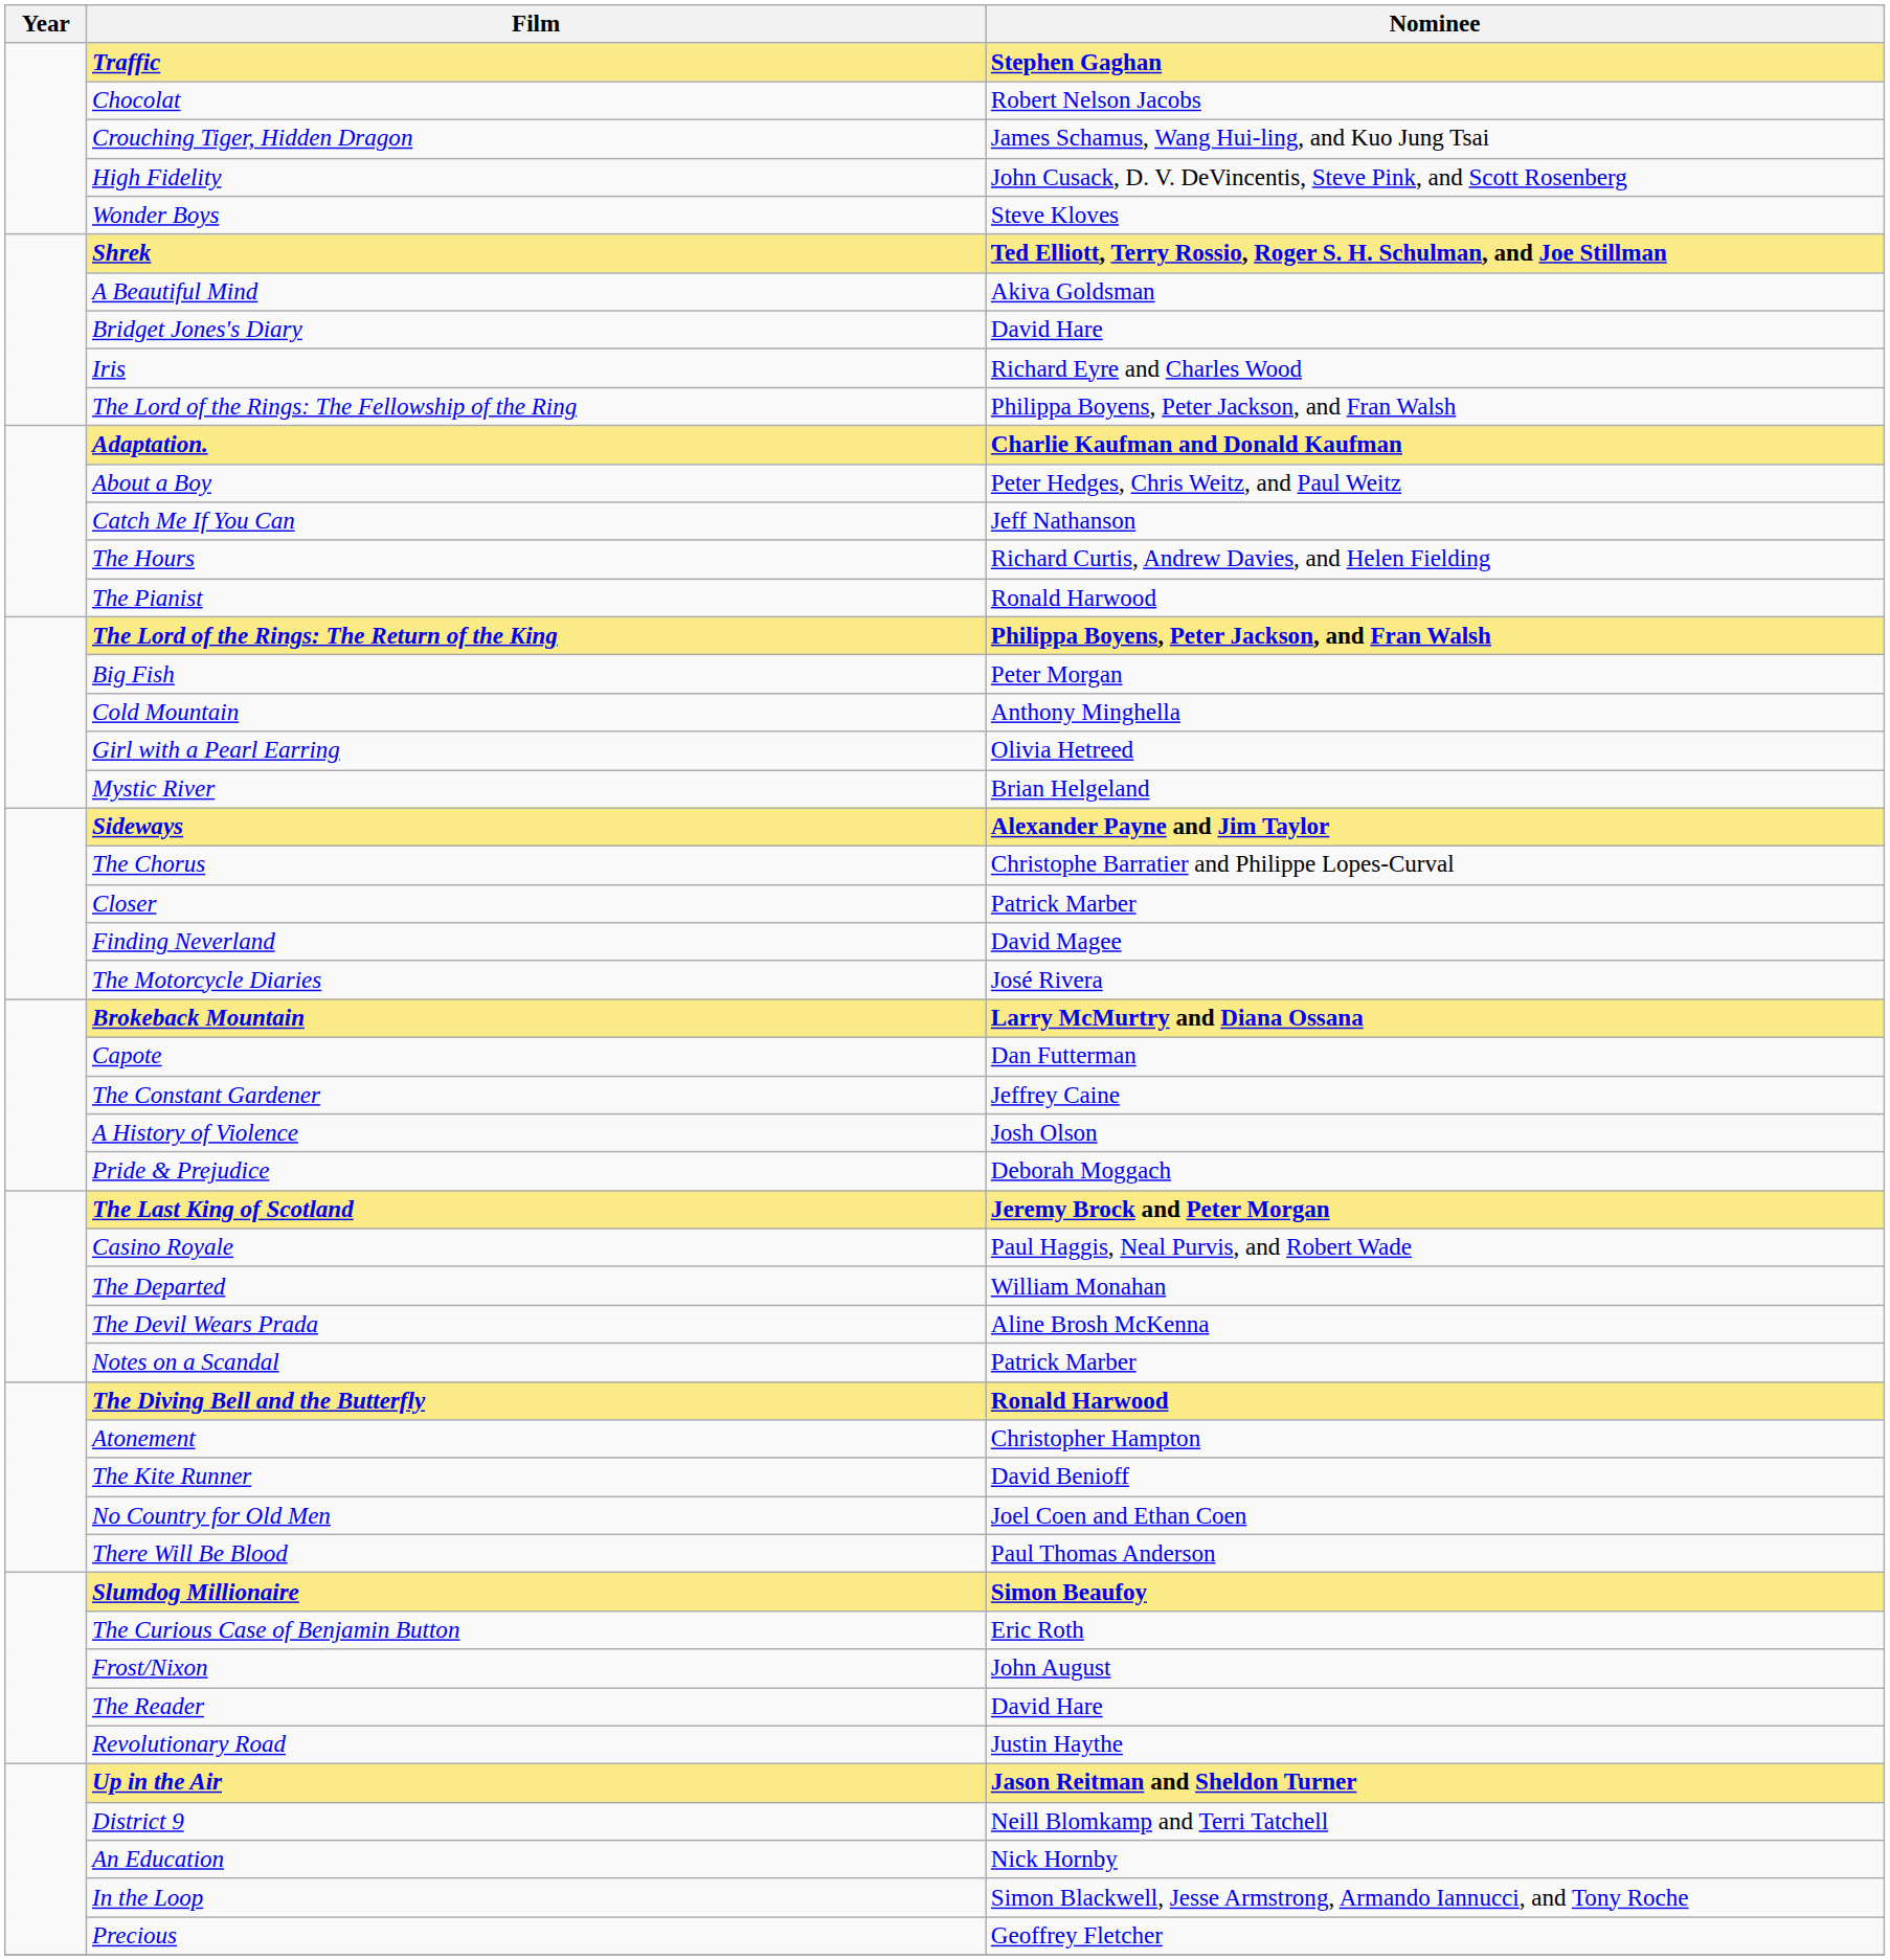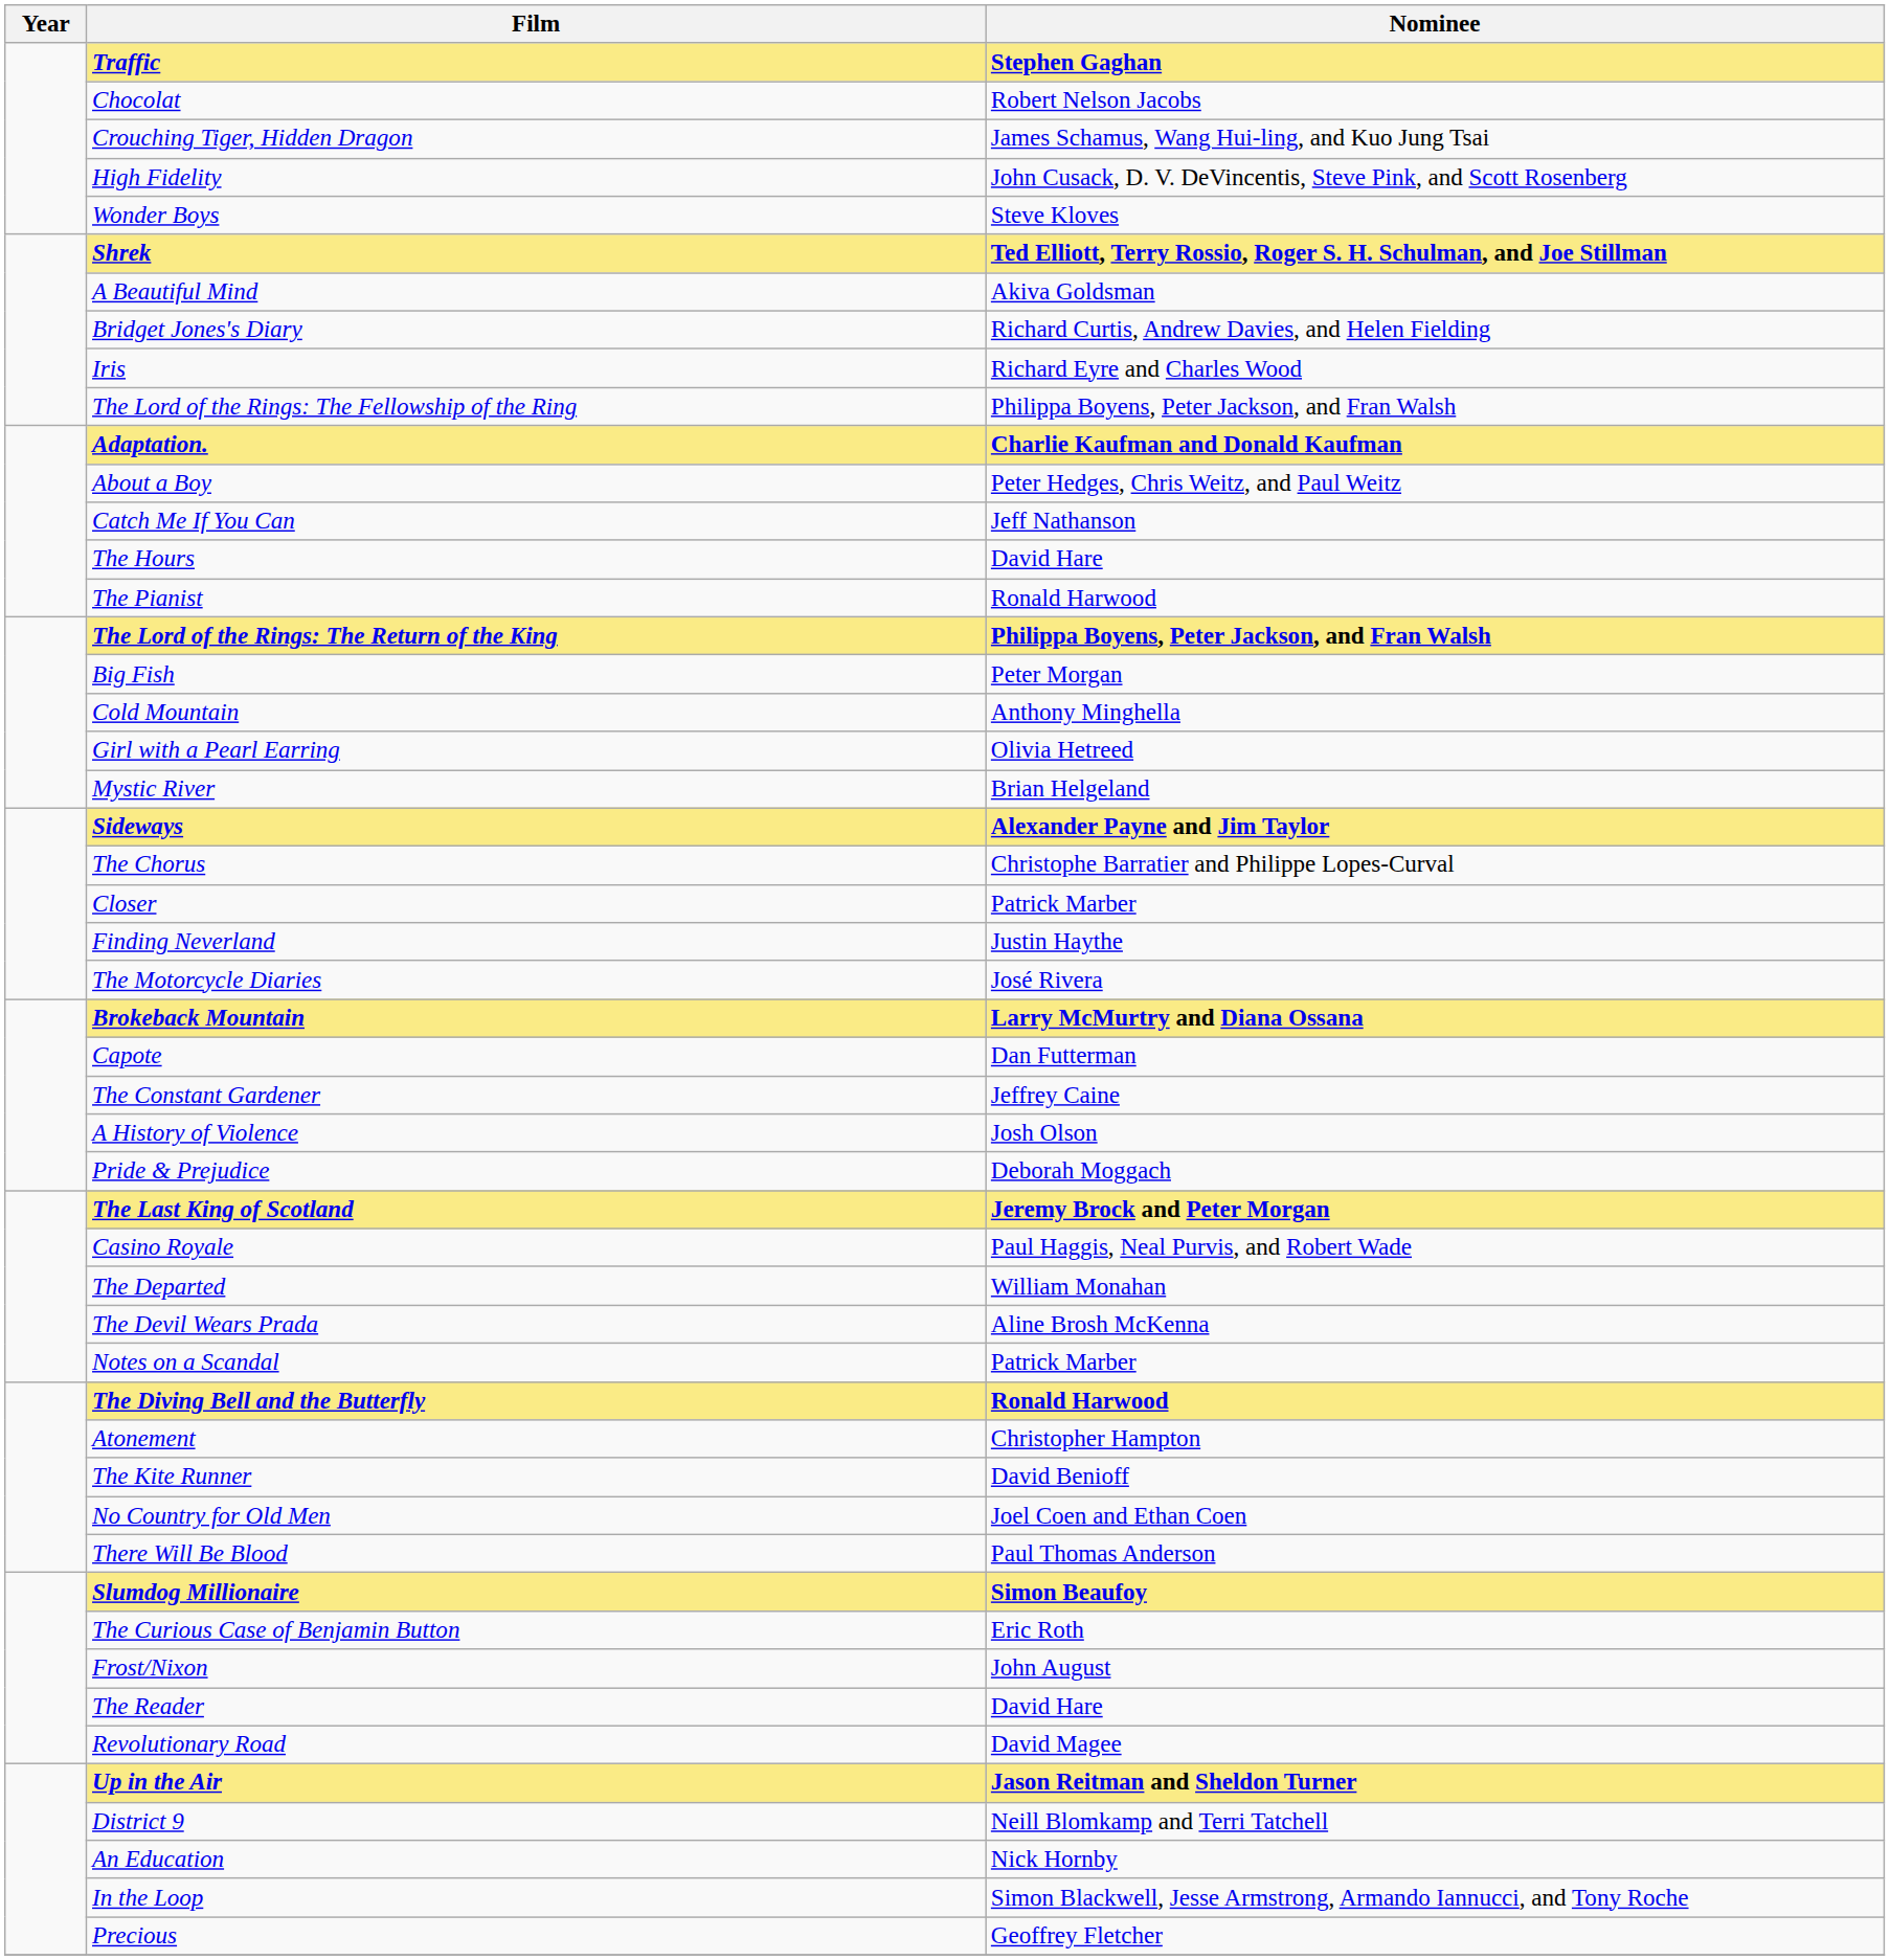 <table class="wikitable">
 <tr>
 <th scope="col" style="width:2%;">Year</th>
 <th scope="col" style="width:30%;">Film</th>
 <th scope="col" style="width:30%;">Nominee</th>
 </tr>
 <tr>
 <td rowspan="5"></td>
 <td style="background:#FAEB86"><strong><em><a href='#'>Traffic</a></em></strong></td>
 <td style="background:#FAEB86"><strong><a href='#'>Stephen Gaghan</a></strong></td>
 </tr>
 <tr>
 <td><em><a href='#'>Chocolat</a></em></td>
 <td><a href='#'>Robert Nelson Jacobs</a></td>
 </tr>
 <tr>
 <td><em><a href='#'>Crouching Tiger, Hidden Dragon</a></em></td>
 <td><a href='#'>James Schamus</a>, <a href='#'>Wang Hui-ling</a>, and Kuo Jung Tsai</td>
 </tr>
 <tr>
 <td><em><a href='#'>High Fidelity</a></em></td>
 <td><a href='#'>John Cusack</a>, D. V. DeVincentis, <a href='#'>Steve Pink</a>, and <a href='#'>Scott Rosenberg</a></td>
 </tr>
 <tr>
 <td><em><a href='#'>Wonder Boys</a></em></td>
 <td><a href='#'>Steve Kloves</a></td>
 </tr>
 <tr>
 <td rowspan="5"></td>
 <td style="background:#FAEB86"><strong><em><a href='#'>Shrek</a></em></strong></td>
 <td style="background:#FAEB86"><strong><a href='#'>Ted Elliott</a>, <a href='#'>Terry Rossio</a>, <a href='#'>Roger S. H. Schulman</a>, and <a href='#'>Joe Stillman</a></strong></td>
 </tr>
 <tr>
 <td><em><a href='#'>A Beautiful Mind</a></em></td>
 <td><a href='#'>Akiva Goldsman</a></td>
 </tr>
 <tr>
 <td><em><a href='#'>Bridget Jones's Diary</a></em></td>
-<td><a href='#'>David Hare</a></td>
+<td><a href='#'>Richard Curtis</a>, <a href='#'>Andrew Davies</a>, and <a href='#'>Helen Fielding</a></td>
 </tr>
 <tr>
 <td><em><a href='#'>Iris</a></em></td>
 <td><a href='#'>Richard Eyre</a> and <a href='#'>Charles Wood</a></td>
 </tr>
 <tr>
 <td><em><a href='#'>The Lord of the Rings: The Fellowship of the Ring</a></em></td>
 <td><a href='#'>Philippa Boyens</a>, <a href='#'>Peter Jackson</a>, and <a href='#'>Fran Walsh</a></td>
 </tr>
 <tr>
 <td rowspan="5"></td>
 <td style="background:#FAEB86"><strong><em><a href='#'>Adaptation.</a></em></strong></td>
 <td style="background:#FAEB86"><strong><a href='#'>Charlie Kaufman and Donald Kaufman</a></strong></td>
 </tr>
 <tr>
 <td><em><a href='#'>About a Boy</a></em></td>
 <td><a href='#'>Peter Hedges</a>, <a href='#'>Chris Weitz</a>, and <a href='#'>Paul Weitz</a></td>
 </tr>
 <tr>
 <td><em><a href='#'>Catch Me If You Can</a></em></td>
 <td><a href='#'>Jeff Nathanson</a></td>
 </tr>
 <tr>
 <td><em><a href='#'>The Hours</a></em></td>
-<td><a href='#'>Richard Curtis</a>, <a href='#'>Andrew Davies</a>, and <a href='#'>Helen Fielding</a></td>
+<td><a href='#'>David Hare</a></td>
 </tr>
 <tr>
 <td><em><a href='#'>The Pianist</a></em></td>
 <td><a href='#'>Ronald Harwood</a></td>
 </tr>
 <tr>
 <td rowspan="5"></td>
 <td style="background:#FAEB86"><strong><em><a href='#'>The Lord of the Rings: The Return of the King</a></em></strong></td>
 <td style="background:#FAEB86"><strong><a href='#'>Philippa Boyens</a>, <a href='#'>Peter Jackson</a>, and <a href='#'>Fran Walsh</a></strong></td>
 </tr>
 <tr>
 <td><em><a href='#'>Big Fish</a></em></td>
 <td><a href='#'>Peter Morgan</a></td>
 </tr>
 <tr>
 <td><em><a href='#'>Cold Mountain</a></em></td>
 <td><a href='#'>Anthony Minghella</a></td>
 </tr>
 <tr>
 <td><em><a href='#'>Girl with a Pearl Earring</a></em></td>
 <td><a href='#'>Olivia Hetreed</a></td>
 </tr>
 <tr>
 <td><em><a href='#'>Mystic River</a></em></td>
 <td><a href='#'>Brian Helgeland</a></td>
 </tr>
 <tr>
 <td rowspan="5"></td>
 <td style="background:#FAEB86"><strong><em><a href='#'>Sideways</a></em></strong></td>
 <td style="background:#FAEB86"><strong><a href='#'>Alexander Payne</a> and <a href='#'>Jim Taylor</a></strong></td>
 </tr>
 <tr>
 <td><em><a href='#'>The Chorus</a></em></td>
 <td><a href='#'>Christophe Barratier</a> and Philippe Lopes-Curval</td>
 </tr>
 <tr>
 <td><em><a href='#'>Closer</a></em></td>
 <td><a href='#'>Patrick Marber</a></td>
 </tr>
 <tr>
 <td><em><a href='#'>Finding Neverland</a></em></td>
-<td><a href='#'>David Magee</a></td>
+<td><a href='#'>Justin Haythe</a></td>
 </tr>
 <tr>
 <td><em><a href='#'>The Motorcycle Diaries</a></em></td>
 <td><a href='#'>José Rivera</a></td>
 </tr>
 <tr>
 <td rowspan="5"></td>
 <td style="background:#FAEB86"><strong><em><a href='#'>Brokeback Mountain</a></em></strong></td>
 <td style="background:#FAEB86"><strong><a href='#'>Larry McMurtry</a> and <a href='#'>Diana Ossana</a></strong></td>
 </tr>
 <tr>
 <td><em><a href='#'>Capote</a></em></td>
 <td><a href='#'>Dan Futterman</a></td>
 </tr>
 <tr>
 <td><em><a href='#'>The Constant Gardener</a></em></td>
 <td><a href='#'>Jeffrey Caine</a></td>
 </tr>
 <tr>
 <td><em><a href='#'>A History of Violence</a></em></td>
 <td><a href='#'>Josh Olson</a></td>
 </tr>
 <tr>
 <td><em><a href='#'>Pride & Prejudice</a></em></td>
 <td><a href='#'>Deborah Moggach</a></td>
 </tr>
 <tr>
 <td rowspan="5"></td>
 <td style="background:#FAEB86"><strong><em><a href='#'>The Last King of Scotland</a></em></strong></td>
 <td style="background:#FAEB86"><strong><a href='#'>Jeremy Brock</a> and <a href='#'>Peter Morgan</a></strong></td>
 </tr>
 <tr>
 <td><em><a href='#'>Casino Royale</a></em></td>
 <td><a href='#'>Paul Haggis</a>, <a href='#'>Neal Purvis</a>, and <a href='#'>Robert Wade</a></td>
 </tr>
 <tr>
 <td><em><a href='#'>The Departed</a></em></td>
 <td><a href='#'>William Monahan</a></td>
 </tr>
 <tr>
 <td><em><a href='#'>The Devil Wears Prada</a></em></td>
 <td><a href='#'>Aline Brosh McKenna</a></td>
 </tr>
 <tr>
 <td><em><a href='#'>Notes on a Scandal</a></em></td>
 <td><a href='#'>Patrick Marber</a></td>
 </tr>
 <tr>
 <td rowspan="5"></td>
 <td style="background:#FAEB86"><strong><em><a href='#'>The Diving Bell and the Butterfly</a></em></strong></td>
 <td style="background:#FAEB86"><strong><a href='#'>Ronald Harwood</a></strong></td>
 </tr>
 <tr>
 <td><em><a href='#'>Atonement</a></em></td>
 <td><a href='#'>Christopher Hampton</a></td>
 </tr>
 <tr>
 <td><em><a href='#'>The Kite Runner</a></em></td>
 <td><a href='#'>David Benioff</a></td>
 </tr>
 <tr>
 <td><em><a href='#'>No Country for Old Men</a></em></td>
 <td><a href='#'>Joel Coen and Ethan Coen</a></td>
 </tr>
 <tr>
 <td><em><a href='#'>There Will Be Blood</a></em></td>
 <td><a href='#'>Paul Thomas Anderson</a></td>
 </tr>
 <tr>
 <td rowspan="5"></td>
 <td style="background:#FAEB86"><strong><em><a href='#'>Slumdog Millionaire</a></em></strong></td>
 <td style="background:#FAEB86"><strong><a href='#'>Simon Beaufoy</a></strong></td>
 </tr>
 <tr>
 <td><em><a href='#'>The Curious Case of Benjamin Button</a></em></td>
 <td><a href='#'>Eric Roth</a></td>
 </tr>
 <tr>
 <td><em><a href='#'>Frost/Nixon</a></em></td>
 <td><a href='#'>John August</a></td>
 </tr>
 <tr>
 <td><em><a href='#'>The Reader</a></em></td>
 <td><a href='#'>David Hare</a></td>
 </tr>
 <tr>
 <td><em><a href='#'>Revolutionary Road</a></em></td>
-<td><a href='#'>Justin Haythe</a></td>
+<td><a href='#'>David Magee</a></td>
 </tr>
 <tr>
 <td rowspan="5"></td>
 <td style="background:#FAEB86"><strong><em><a href='#'>Up in the Air</a></em></strong></td>
 <td style="background:#FAEB86"><strong><a href='#'>Jason Reitman</a> and <a href='#'>Sheldon Turner</a></strong></td>
 </tr>
 <tr>
 <td><em><a href='#'>District 9</a></em></td>
 <td><a href='#'>Neill Blomkamp</a> and <a href='#'>Terri Tatchell</a></td>
 </tr>
 <tr>
 <td><em><a href='#'>An Education</a></em></td>
 <td><a href='#'>Nick Hornby</a></td>
 </tr>
 <tr>
 <td><em><a href='#'>In the Loop</a></em></td>
 <td><a href='#'>Simon Blackwell</a>, <a href='#'>Jesse Armstrong</a>, <a href='#'>Armando Iannucci</a>, and <a href='#'>Tony Roche</a></td>
 </tr>
 <tr>
 <td><em><a href='#'>Precious</a></em></td>
 <td><a href='#'>Geoffrey Fletcher</a></td>
 </tr>
 <tr>
 </tr>
 </table>
